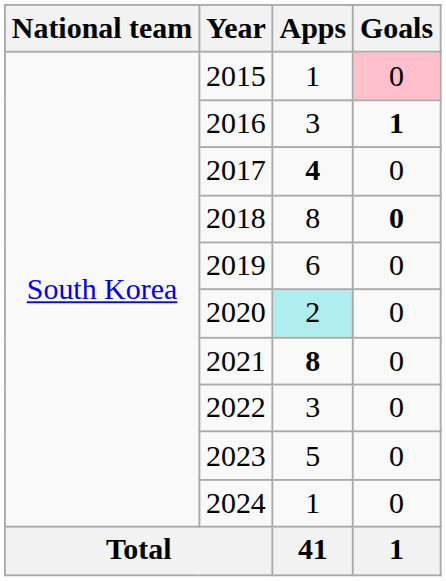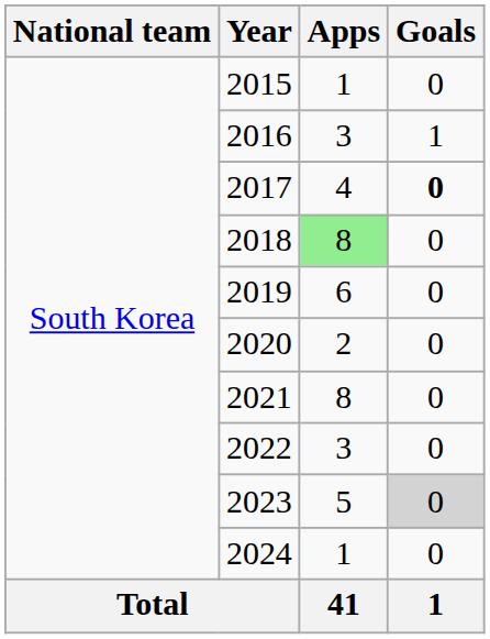 <table class="wikitable" style="text-align:center">
 <tr>
 <th>National team</th>
 <th>Year</th>
 <th>Apps</th>
 <th>Goals</th>
 </tr>
 <tr>
 <td rowspan=10><a href='#'>South Korea</a></td>
 <td>2015</td>
 <td>1</td>
-<td style="background: pink;">0</td>
+<td>0</td>
 </tr>
 <tr>
 <td>2016</td>
 <td>3</td>
-<td><strong>1</strong></td>
+<td>1</td>
 </tr>
 <tr>
 <td>2017</td>
-<td><strong>4</strong></td>
-<td>0</td>
+<td>4</td>
+<td><strong>0</strong></td>
 </tr>
 <tr>
 <td>2018</td>
-<td>8</td>
-<td><strong>0</strong></td>
+<td style="background: lightgreen;">8</td>
+<td>0</td>
 </tr>
 <tr>
 <td>2019</td>
 <td>6</td>
 <td>0</td>
 </tr>
 <tr>
 <td>2020</td>
-<td style="background: paleturquoise;">2</td>
+<td>2</td>
 <td>0</td>
 </tr>
 <tr>
 <td>2021</td>
-<td><strong>8</strong></td>
+<td>8</td>
 <td>0</td>
 </tr>
 <tr>
 <td>2022</td>
 <td>3</td>
 <td>0</td>
 </tr>
 <tr>
 <td>2023</td>
 <td>5</td>
-<td>0</td>
+<td style="background: lightgrey;">0</td>
 </tr>
 <tr>
 <td>2024</td>
 <td>1</td>
 <td>0</td>
 </tr>
 <tr>
 <th colspan=2>Total</th>
 <th>41</th>
 <th>1</th>
 </tr>
 </table>
